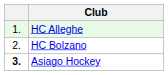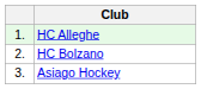 <table class="wikitable">
 <tr>
 <th width="30"></th>
 <th width="200">Club</th>
 </tr>
 <tr bgcolor="#e6fae6" align="center">
 <td>1.</td>
 <td align="left"><a href='#'>HC Alleghe</a></td>
 </tr>
 <tr bgcolor="#FFFFFF" align="center">
 <td>2.</td>
 <td align="left"><a href='#'>HC Bolzano</a></td>
 </tr>
 <tr bgcolor="#FFFFFF" align="center">
-<td><strong>3.</strong></td>
+<td>3.</td>
 <td align="left"><a href='#'>Asiago Hockey</a></td>
 </tr>
 </table>
